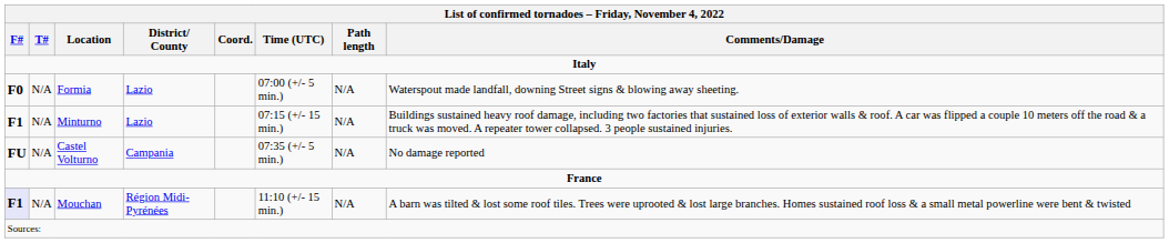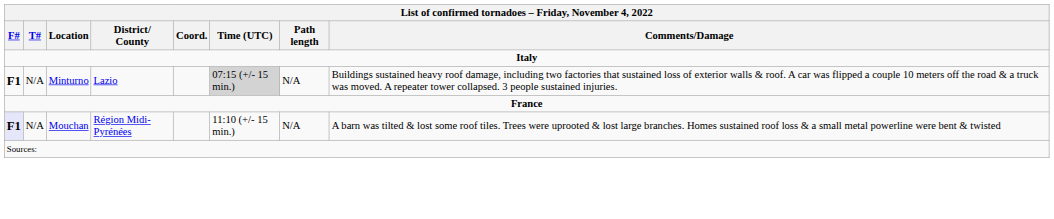 <table class="wikitable collapsible" width="100%">
 <tr>
 <th colspan="8">List of confirmed tornadoes – Friday, November 4, 2022</th>
 </tr>
 <tr>
 <th><a href='#'>F#</a></th>
 <th><a href='#'>T#</a></th>
 <th>Location</th>
 <th>District/<br>County</th>
 <th>Coord.</th>
 <th>Time (UTC)</th>
 <th>Path length</th>
 <th>Comments/Damage</th>
 </tr>
 <tr>
 <td colspan="8" align=center><strong>Italy</strong></td>
 </tr>
 <tr>
-<td><big><strong>F0</strong></big></td>
-<td>N/A</td>
-<td><a href='#'>Formia</a></td>
-<td><a href='#'>Lazio</a></td>
-<td></td>
-<td>07:00 (+/- 5 min.)</td>
-<td>N/A</td>
-<td>Waterspout made landfall, downing Street signs & blowing away sheeting.</td>
-</tr>
-<tr>
 <td><big><strong>F1</strong></big></td>
 <td>N/A</td>
 <td><a href='#'>Minturno</a></td>
 <td><a href='#'>Lazio</a></td>
 <td></td>
-<td>07:15 (+/- 15 min.)</td>
+<td style="background: lightgrey;">07:15 (+/- 15 min.)</td>
 <td>N/A</td>
 <td>Buildings sustained heavy roof damage, including two factories that sustained loss of exterior walls & roof. A car was flipped a couple 10 meters off the road & a truck was moved. A repeater tower collapsed. 3 people sustained injuries.</td>
-</tr>
-<tr>
-<td><big><strong>FU</strong></big></td>
-<td>N/A</td>
-<td><a href='#'>Castel Volturno</a></td>
-<td><a href='#'>Campania</a></td>
-<td></td>
-<td>07:35 (+/- 5 min.)</td>
-<td>N/A</td>
-<td>No damage reported</td>
 </tr>
 <tr>
 <td colspan="8" align=center><strong>France</strong></td>
 </tr>
 <tr>
 <td style="background: lavender;"><big><strong>F1</strong></big></td>
 <td>N/A</td>
 <td><a href='#'>Mouchan</a></td>
 <td><a href='#'>Région Midi-Pyrénées</a></td>
 <td></td>
 <td>11:10 (+/- 15 min.)</td>
 <td>N/A</td>
 <td>A barn was tilted & lost some roof tiles. Trees were uprooted & lost large branches. Homes sustained roof loss & a small metal powerline were bent & twisted</td>
 </tr>
 <tr>
 <td colspan="8"><small>Sources:  </small></td>
 </tr>
 </table>
